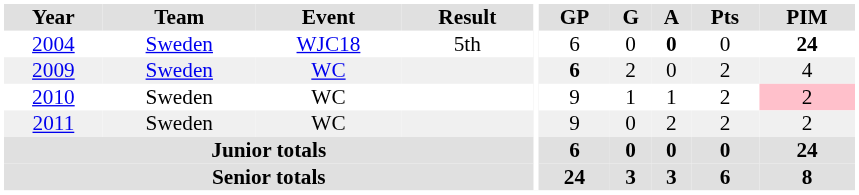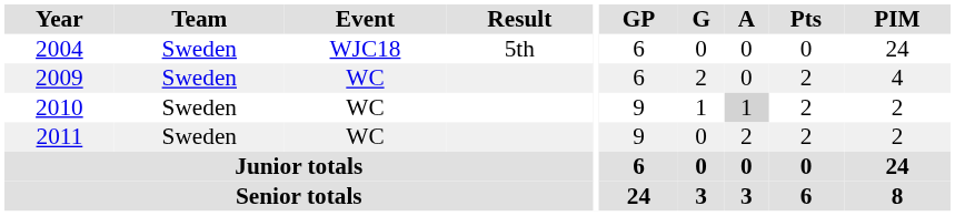 <table border="0" cellpadding="1" cellspacing="0" ID="Table3" style="text-align:center; width:40em;">
 <tr bgcolor="#e0e0e0">
 <th>Year</th>
 <th>Team</th>
 <th>Event</th>
 <th>Result</th>
 <th rowspan="99" bgcolor="#ffffff"></th>
 <th>GP</th>
 <th>G</th>
 <th>A</th>
 <th>Pts</th>
 <th>PIM</th>
 </tr>
 <tr>
 <td><a href='#'>2004</a></td>
 <td><a href='#'>Sweden</a></td>
 <td><a href='#'>WJC18</a></td>
 <td>5th</td>
 <td>6</td>
 <td>0</td>
-<td><strong>0</strong></td>
 <td>0</td>
-<td><strong>24</strong></td>
+<td>0</td>
+<td>24</td>
 </tr>
 <tr bgcolor="#f0f0f0">
 <td><a href='#'>2009</a></td>
 <td><a href='#'>Sweden</a></td>
 <td><a href='#'>WC</a></td>
 <td></td>
-<td><strong>6</strong></td>
+<td>6</td>
 <td>2</td>
 <td>0</td>
 <td>2</td>
 <td>4</td>
 </tr>
 <tr>
 <td><a href='#'>2010</a></td>
 <td>Sweden</td>
 <td>WC</td>
 <td></td>
 <td>9</td>
 <td>1</td>
-<td>1</td>
+<td style="background: lightgrey;">1</td>
 <td>2</td>
-<td style="background: pink;">2</td>
+<td>2</td>
 </tr>
 <tr bgcolor="#f0f0f0">
 <td><a href='#'>2011</a></td>
 <td>Sweden</td>
 <td>WC</td>
 <td></td>
 <td>9</td>
 <td>0</td>
 <td>2</td>
 <td>2</td>
 <td>2</td>
 </tr>
 <tr bgcolor="#e0e0e0">
 <th colspan="4">Junior totals</th>
 <th>6</th>
 <th>0</th>
 <th>0</th>
 <th>0</th>
 <th>24</th>
 </tr>
 <tr bgcolor="#e0e0e0">
 <th colspan="4">Senior totals</th>
 <th>24</th>
 <th>3</th>
 <th>3</th>
 <th>6</th>
 <th>8</th>
 </tr>
 </table>
